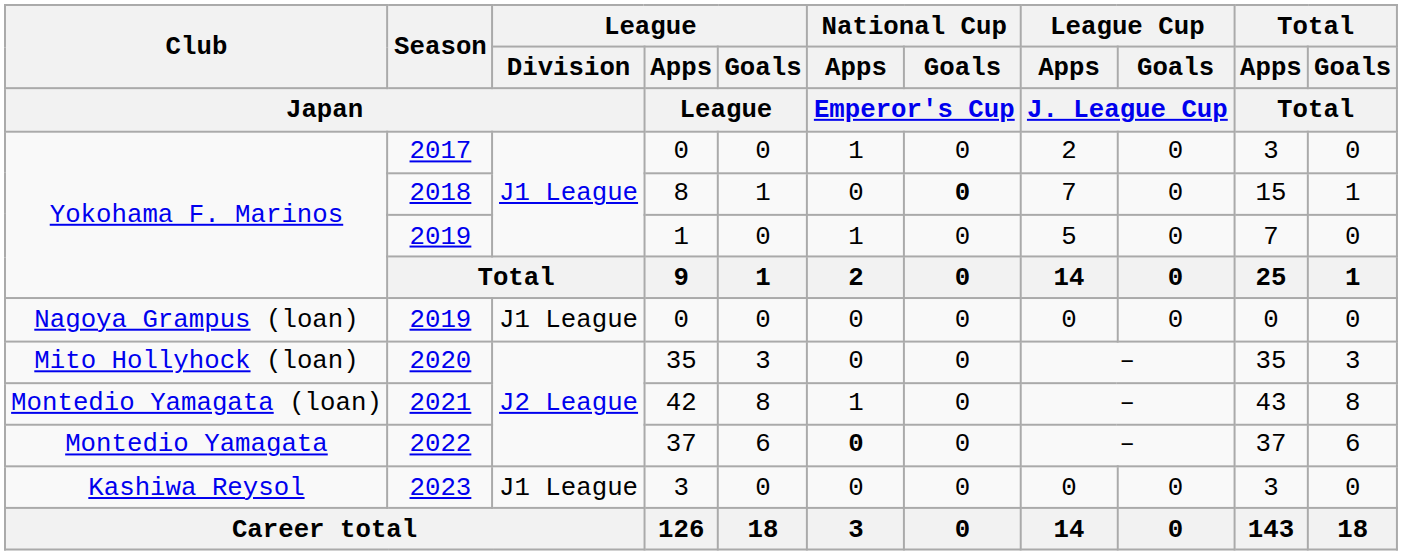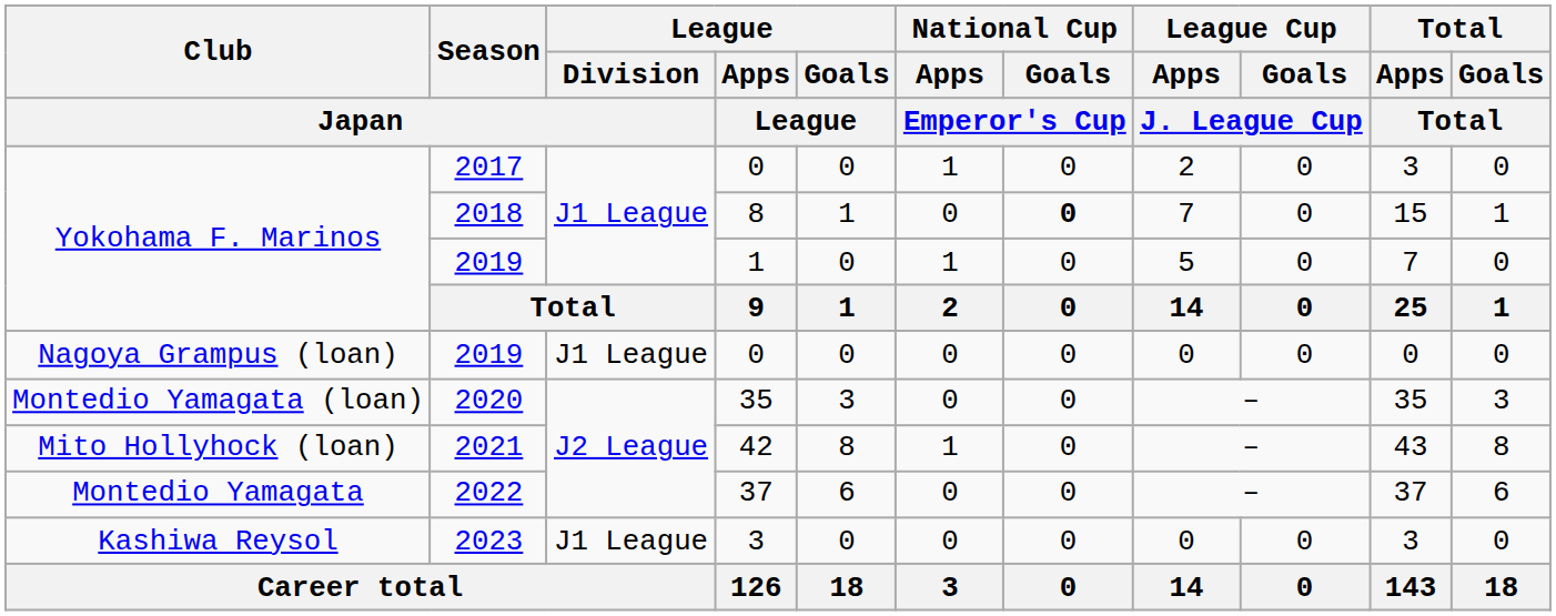 <table class="wikitable" style="text-align:center">
 <tr>
 <th rowspan=2>Club</th>
 <th rowspan=2>Season</th>
 <th colspan=3>League</th>
 <th colspan=2>National Cup</th>
 <th colspan=2>League Cup</th>
 <th colspan=2>Total</th>
 </tr>
 <tr>
 <th>Division</th>
 <th>Apps</th>
 <th>Goals</th>
 <th>Apps</th>
 <th>Goals</th>
 <th>Apps</th>
 <th>Goals</th>
 <th>Apps</th>
 <th>Goals</th>
 </tr>
 <tr>
 <th colspan=3>Japan</th>
 <th colspan=2>League</th>
 <th colspan=2><a href='#'>Emperor's Cup</a></th>
 <th colspan=2><a href='#'>J. League Cup</a></th>
 <th colspan=2>Total</th>
 </tr>
 <tr>
 <td rowspan="4"><a href='#'>Yokohama F. Marinos</a></td>
 <td><a href='#'>2017</a></td>
 <td rowspan="3"><a href='#'>J1 League</a></td>
 <td>0</td>
 <td>0</td>
 <td>1</td>
 <td>0</td>
 <td>2</td>
 <td>0</td>
 <td>3</td>
 <td>0</td>
 </tr>
 <tr>
 <td><a href='#'>2018</a></td>
 <td>8</td>
 <td>1</td>
 <td>0</td>
 <td><strong>0</strong></td>
 <td>7</td>
 <td>0</td>
 <td>15</td>
 <td>1</td>
 </tr>
 <tr>
 <td><a href='#'>2019</a></td>
 <td>1</td>
 <td>0</td>
 <td>1</td>
 <td>0</td>
 <td>5</td>
 <td>0</td>
 <td>7</td>
 <td>0</td>
 </tr>
 <tr>
 <th colspan="2">Total</th>
 <th>9</th>
 <th>1</th>
 <th>2</th>
 <th>0</th>
 <th>14</th>
 <th>0</th>
 <th>25</th>
 <th>1</th>
 </tr>
 <tr>
 <td><a href='#'>Nagoya Grampus</a> (loan)</td>
 <td><a href='#'>2019</a></td>
 <td>J1 League</td>
 <td>0</td>
 <td>0</td>
 <td>0</td>
 <td>0</td>
 <td>0</td>
 <td>0</td>
 <td>0</td>
 <td>0</td>
 </tr>
 <tr>
-<td><a href='#'>Mito Hollyhock</a> (loan)</td>
+<td><a href='#'>Montedio Yamagata</a> (loan)</td>
 <td><a href='#'>2020</a></td>
 <td rowspan="3"><a href='#'>J2 League</a></td>
 <td>35</td>
 <td>3</td>
 <td>0</td>
 <td>0</td>
 <td colspan="2">–</td>
 <td>35</td>
 <td>3</td>
 </tr>
 <tr>
-<td><a href='#'>Montedio Yamagata</a> (loan)</td>
+<td><a href='#'>Mito Hollyhock</a> (loan)</td>
 <td><a href='#'>2021</a></td>
 <td>42</td>
 <td>8</td>
 <td>1</td>
 <td>0</td>
 <td colspan="2">–</td>
 <td>43</td>
 <td>8</td>
 </tr>
 <tr>
 <td><a href='#'>Montedio Yamagata</a></td>
 <td><a href='#'>2022</a></td>
 <td>37</td>
 <td>6</td>
-<td><strong>0</strong></td>
+<td>0</td>
 <td>0</td>
 <td colspan="2">–</td>
 <td>37</td>
 <td>6</td>
 </tr>
 <tr>
 <td><a href='#'>Kashiwa Reysol</a></td>
 <td><a href='#'>2023</a></td>
 <td>J1 League</td>
 <td>3</td>
 <td>0</td>
 <td>0</td>
 <td>0</td>
 <td>0</td>
 <td>0</td>
 <td>3</td>
 <td>0</td>
 </tr>
 <tr>
 <th colspan=3>Career total</th>
 <th>126</th>
 <th>18</th>
 <th>3</th>
 <th>0</th>
 <th>14</th>
 <th>0</th>
 <th>143</th>
 <th>18</th>
 </tr>
 </table>
